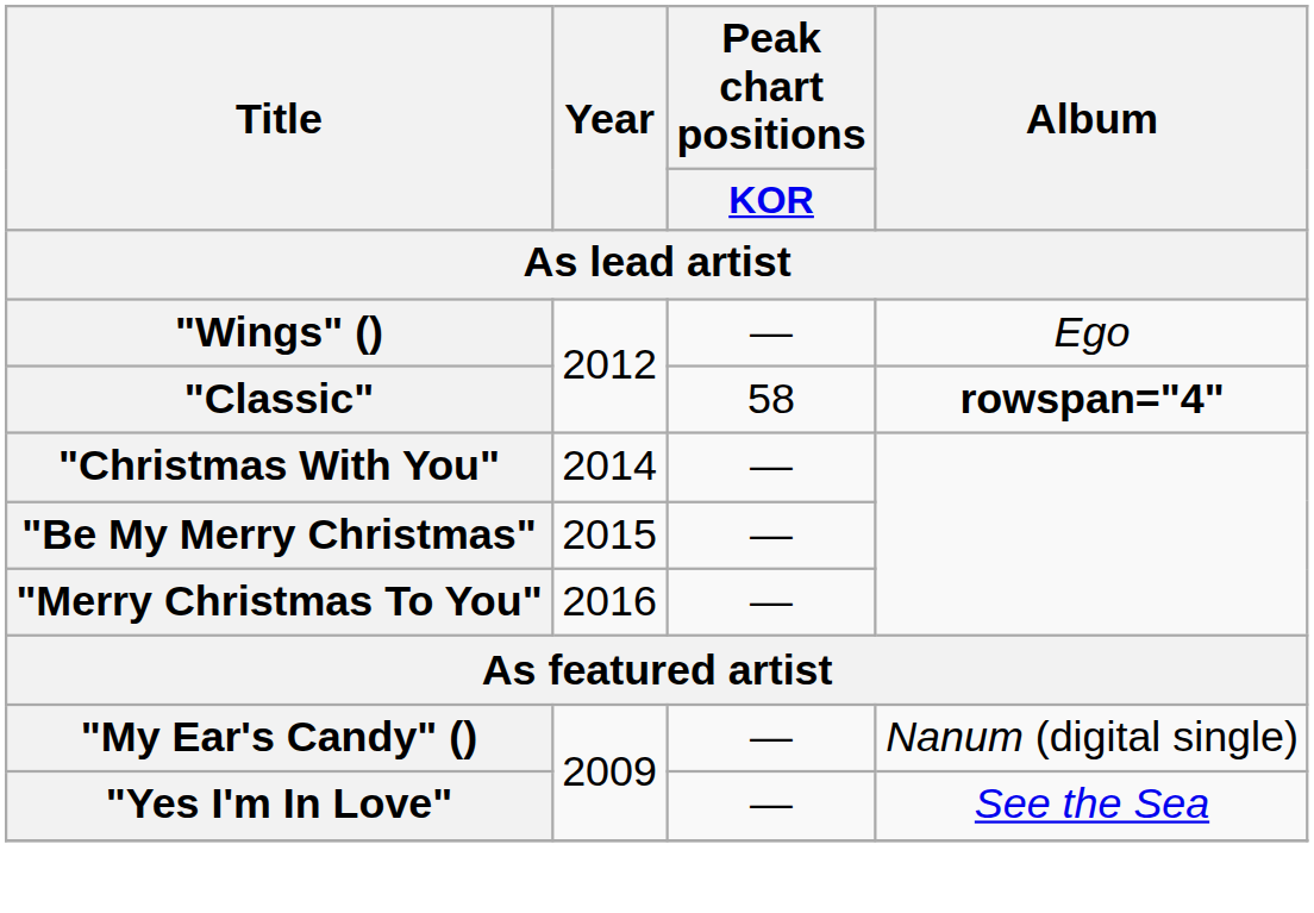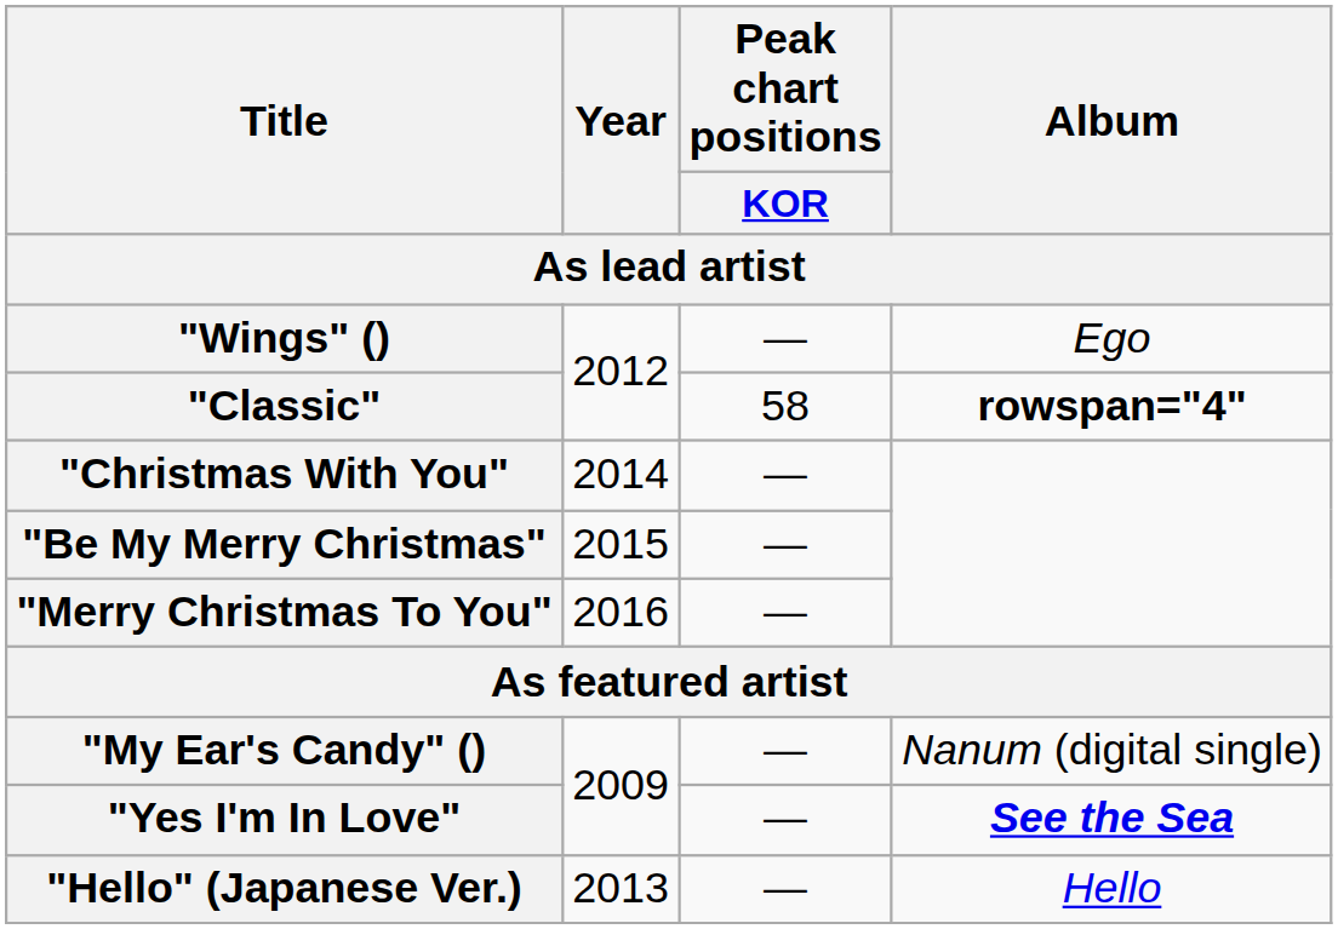 <table class="wikitable plainrowheaders" style="text-align:center;">
 <tr>
 <th rowspan="2">Title</th>
 <th rowspan="2">Year</th>
 <th>Peak chart positions</th>
 <th rowspan="2">Album</th>
 </tr>
 <tr>
 <th scope="col" style="width:2.5em;font-size:90%;"><a href='#'>KOR</a><br></th>
 </tr>
 <tr>
 <th colspan="4">As lead artist</th>
 </tr>
 <tr>
 <th scope="row">"Wings" () </th>
 <td rowspan="2">2012</td>
 <td>—</td>
 <td><em>Ego</em></td>
 </tr>
 <tr>
 <th scope="row">"Classic" </th>
 <td>58</td>
 <td><strong>rowspan="4" </strong></td>
 </tr>
 <tr>
 <th scope="row">"Christmas With You"</th>
 <td>2014</td>
 <td>—</td>
 </tr>
 <tr>
 <th scope="row">"Be My Merry Christmas"</th>
 <td>2015</td>
 <td>—</td>
 </tr>
 <tr>
 <th scope="row">"Merry Christmas To You"</th>
 <td>2016</td>
 <td>—</td>
 </tr>
 <tr>
 <th colspan="4">As featured artist</th>
 </tr>
 <tr>
 <th scope="row">"My Ear's Candy" () </th>
 <td rowspan="2">2009</td>
 <td>—</td>
 <td><em>Nanum</em> (digital single)</td>
 </tr>
 <tr>
 <th scope="row">"Yes I'm In Love" </th>
 <td>—</td>
-<td><em><a href='#'>See the Sea</a></em></td>
+<td><strong><em><a href='#'>See the Sea</a></em></strong></td>
+</tr>
+<tr>
+<th scope="row">"Hello" (Japanese Ver.) </th>
+<td>2013</td>
+<td>—</td>
+<td><em><a href='#'>Hello</a></em></td>
 </tr>
 <tr>
 </tr>
 </table>
